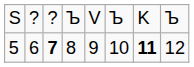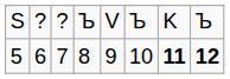 <table class="wikitable">
 <tr>
 <td>S</td>
 <td>?</td>
 <td>?</td>
 <td>Ъ</td>
 <td>V</td>
 <td>Ъ</td>
 <td>K</td>
 <td>Ъ</td>
 </tr>
 <tr>
 <td>5</td>
 <td>6</td>
-<td><strong>7</strong></td>
+<td>7</td>
 <td>8</td>
 <td>9</td>
 <td>10</td>
 <td><strong>11</strong></td>
-<td>12</td>
+<td><strong>12</strong></td>
 </tr>
 </table>
